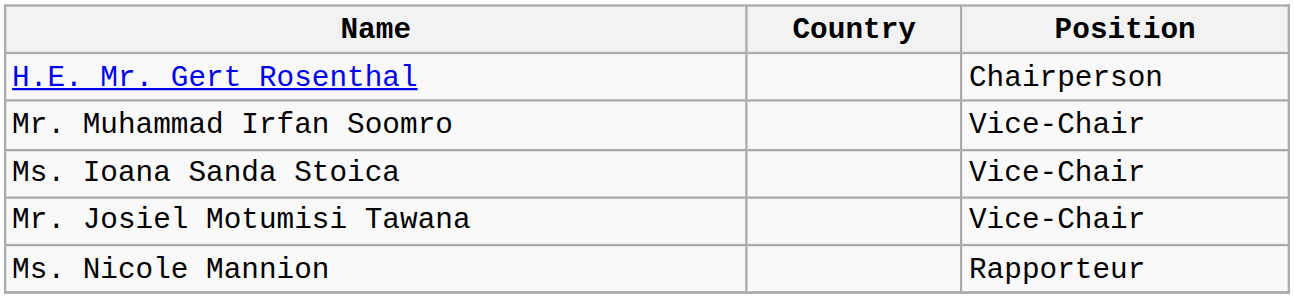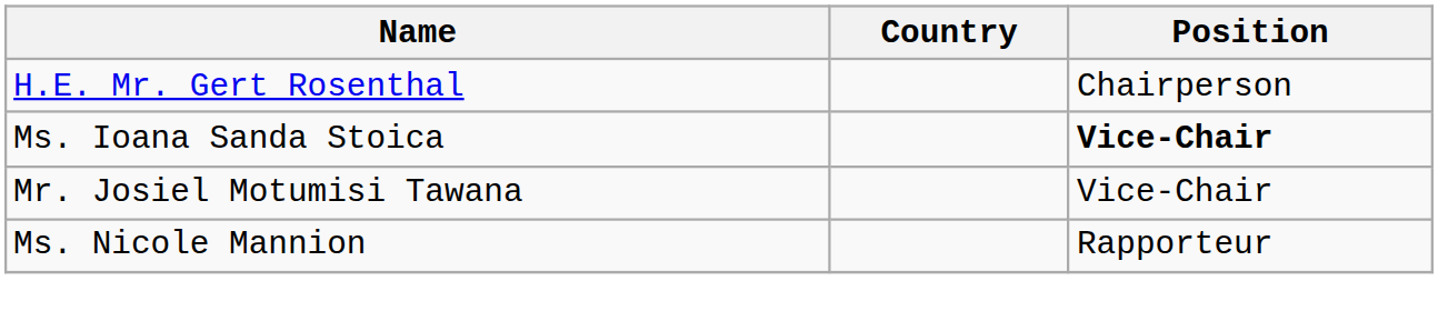 <table class="wikitable" style="display: inline-table; width: 45%">
 <tr>
 <th>Name</th>
 <th>Country</th>
 <th>Position</th>
 </tr>
 <tr>
 <td><a href='#'>H.E. Mr. Gert Rosenthal</a></td>
 <td></td>
 <td>Chairperson</td>
 </tr>
 <tr>
-<td>Mr. Muhammad Irfan Soomro</td>
-<td></td>
-<td>Vice-Chair</td>
-</tr>
-<tr>
 <td>Ms. Ioana Sanda Stoica</td>
 <td></td>
-<td>Vice-Chair</td>
+<td><strong>Vice-Chair</strong></td>
 </tr>
 <tr>
 <td>Mr. Josiel Motumisi Tawana</td>
 <td></td>
 <td>Vice-Chair</td>
 </tr>
 <tr>
 <td>Ms. Nicole Mannion</td>
 <td></td>
 <td>Rapporteur</td>
 </tr>
 <tr>
 </tr>
 </table>
